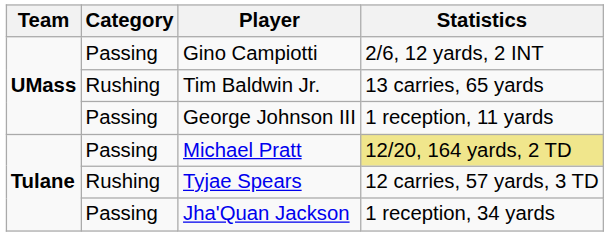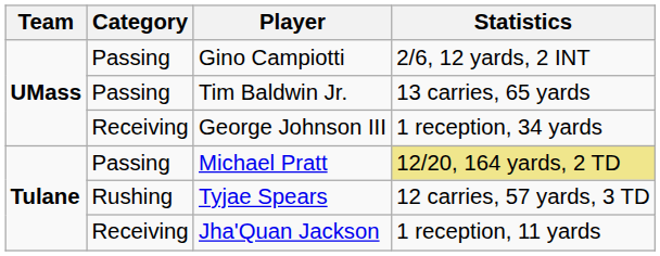 <table class="wikitable" style="float: right;">
 <tr>
 <th>Team</th>
 <th>Category</th>
 <th>Player</th>
 <th>Statistics</th>
 </tr>
 <tr>
 <td rowspan=3><strong>UMass</strong></td>
 <td>Passing</td>
 <td>Gino Campiotti</td>
 <td>2/6, 12 yards, 2 INT</td>
 </tr>
 <tr>
-<td>Rushing</td>
+<td>Passing</td>
 <td>Tim Baldwin Jr.</td>
 <td>13 carries, 65 yards</td>
 </tr>
 <tr>
-<td>Passing</td>
+<td>Receiving</td>
 <td>George Johnson III</td>
-<td>1 reception, 11 yards</td>
+<td>1 reception, 34 yards</td>
 </tr>
 <tr>
 <td rowspan=3><strong>Tulane</strong></td>
 <td>Passing</td>
 <td><a href='#'>Michael Pratt</a></td>
 <td style="background: khaki;">12/20, 164 yards, 2 TD</td>
 </tr>
 <tr>
 <td>Rushing</td>
 <td><a href='#'>Tyjae Spears</a></td>
 <td>12 carries, 57 yards, 3 TD</td>
 </tr>
 <tr>
-<td>Passing</td>
+<td>Receiving</td>
 <td><a href='#'>Jha'Quan Jackson</a></td>
-<td>1 reception, 34 yards</td>
+<td>1 reception, 11 yards</td>
 </tr>
 </table>
